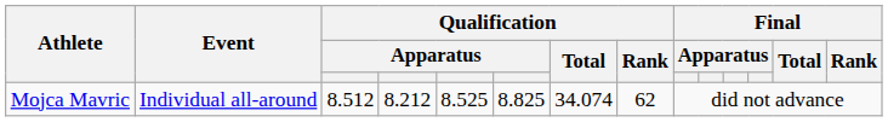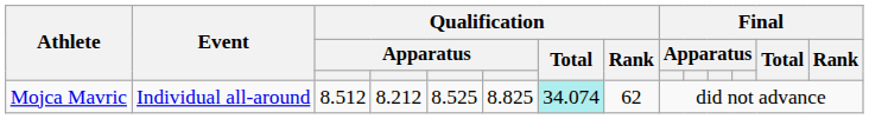 <table class="wikitable" style="font-size:90%">
 <tr>
 <th rowspan=3>Athlete</th>
 <th rowspan=3>Event</th>
 <th colspan =6>Qualification</th>
 <th colspan =6>Final</th>
 </tr>
 <tr style="font-size:95%">
 <th colspan=4>Apparatus</th>
 <th rowspan=2>Total</th>
 <th rowspan=2>Rank</th>
 <th colspan=4>Apparatus</th>
 <th rowspan=2>Total</th>
 <th rowspan=2>Rank</th>
 </tr>
 <tr style="font-size:95%">
 <th></th>
 <th></th>
 <th></th>
 <th></th>
 <th></th>
 <th></th>
 <th></th>
 <th></th>
 </tr>
 <tr align=center>
 <td align=left><a href='#'>Mojca Mavric</a></td>
 <td align=left><a href='#'>Individual all-around</a></td>
 <td>8.512</td>
 <td>8.212</td>
 <td>8.525</td>
 <td>8.825</td>
-<td>34.074</td>
+<td style="background: paleturquoise;">34.074</td>
 <td>62</td>
 <td colspan=6>did not advance</td>
 </tr>
 </table>
